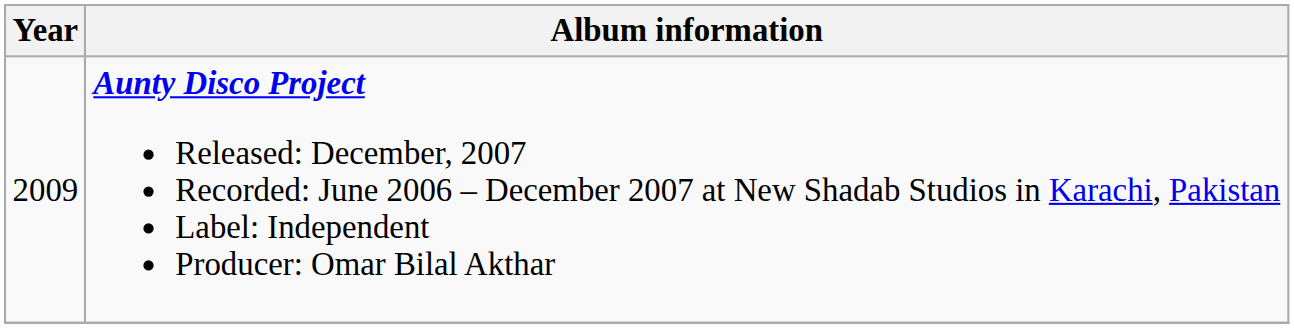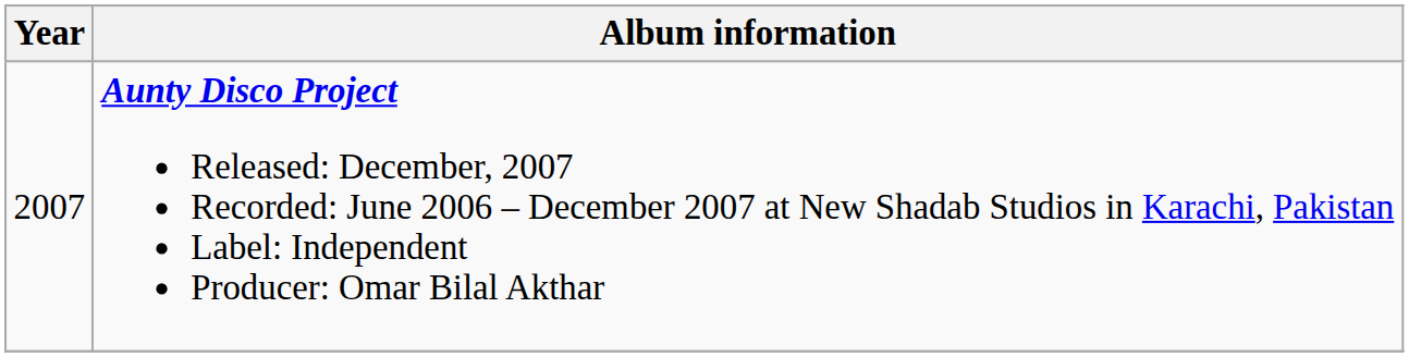 <table class="wikitable">
 <tr>
 <th>Year</th>
 <th>Album information</th>
 </tr>
 <tr>
-<td>2009</td>
+<td>2007</td>
 <td><strong><em><a href='#'>Aunty Disco Project</a></em></strong><br><ul><li>Released: December, 2007</li><li>Recorded: June 2006 – December 2007 at New Shadab Studios in <a href='#'>Karachi</a>, <a href='#'>Pakistan</a></li><li>Label: Independent</li><li>Producer: Omar Bilal Akthar</li></ul></td>
 </tr>
 <tr>
 </tr>
 </table>
